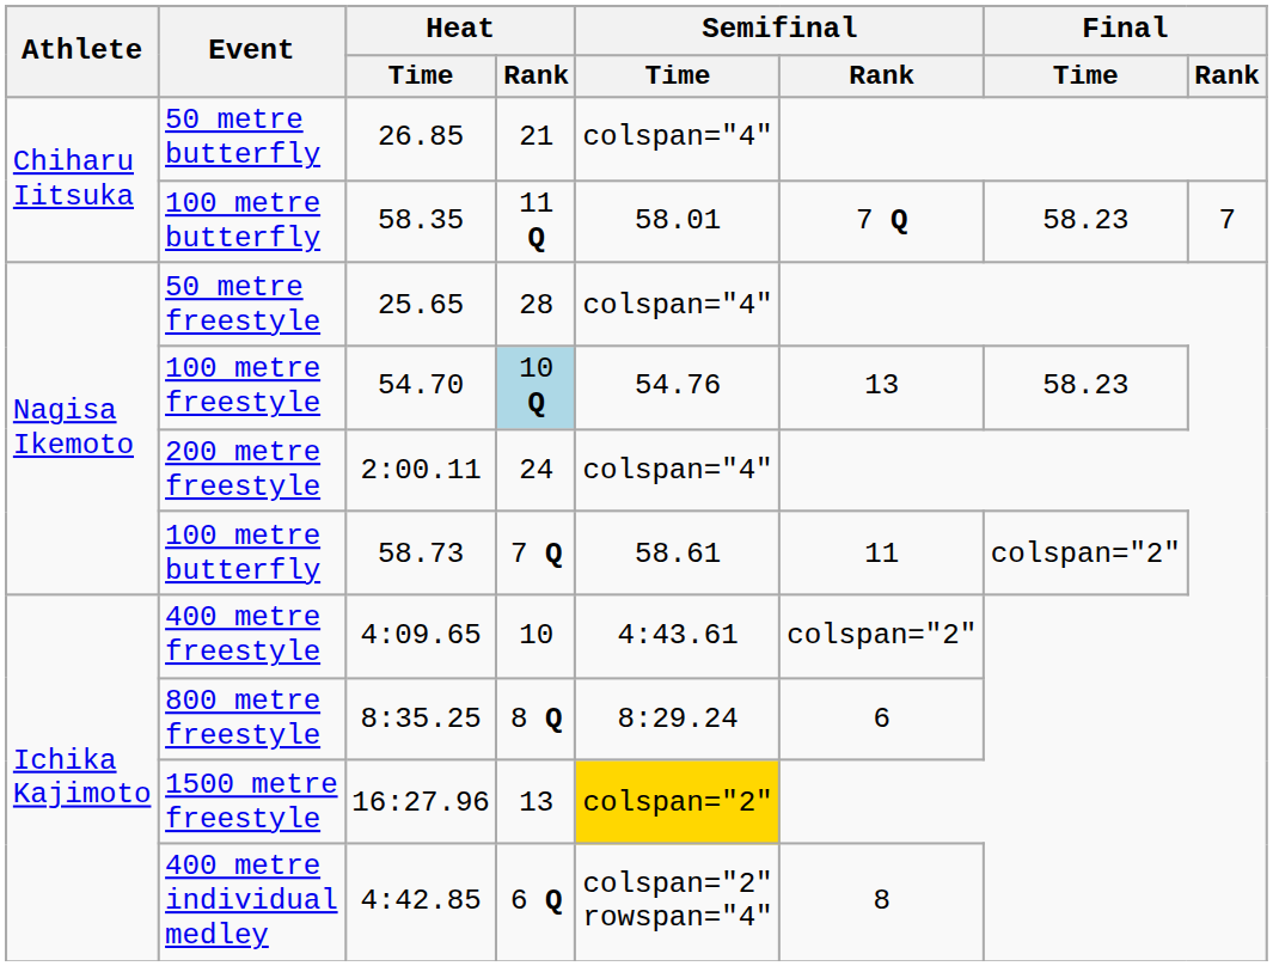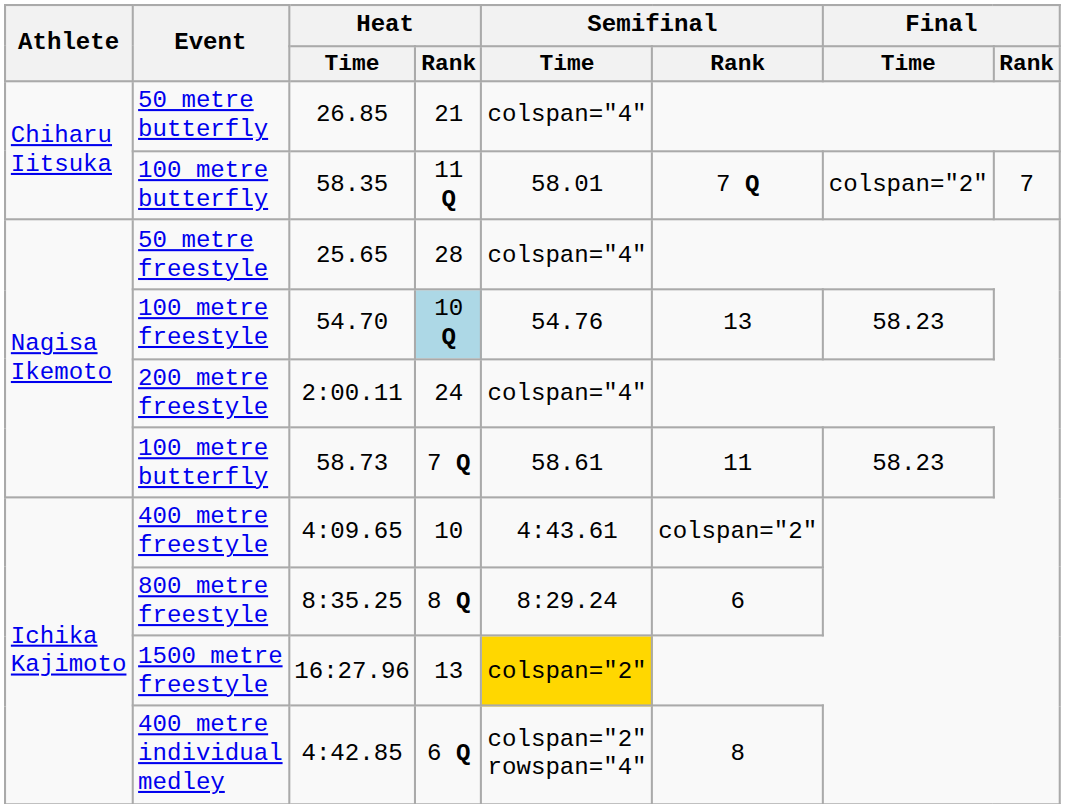 <table class="wikitable" style="text-align:center; font-size:90%; width:50%;">
 <tr>
 <th rowspan="2">Athlete</th>
 <th rowspan="2">Event</th>
 <th colspan="2">Heat</th>
 <th colspan="2">Semifinal</th>
 <th colspan="2">Final</th>
 </tr>
 <tr style="font-size:95%">
 <th>Time</th>
 <th>Rank</th>
 <th>Time</th>
 <th>Rank</th>
 <th>Time</th>
 <th>Rank</th>
 </tr>
 <tr align=center>
 <td align=left rowspan=2><a href='#'>Chiharu Iitsuka</a></td>
 <td align=left><a href='#'>50 metre butterfly</a></td>
 <td>26.85</td>
 <td>21</td>
 <td>colspan="4" </td>
 </tr>
 <tr align=center>
 <td align=left><a href='#'>100 metre butterfly</a></td>
 <td>58.35</td>
 <td>11 <strong>Q</strong></td>
 <td>58.01</td>
 <td>7 <strong>Q</strong></td>
-<td>58.23</td>
+<td>colspan="2" </td>
 <td>7</td>
 </tr>
 <tr align=center>
 <td align=left rowspan="4"><a href='#'>Nagisa Ikemoto</a></td>
 <td align=left><a href='#'>50 metre freestyle</a></td>
 <td>25.65</td>
 <td>28</td>
 <td>colspan="4" </td>
 </tr>
 <tr align=center>
 <td align=left><a href='#'>100 metre freestyle</a></td>
 <td>54.70</td>
 <td style="background: lightblue;">10 <strong>Q</strong></td>
 <td>54.76</td>
 <td>13</td>
 <td>58.23</td>
 </tr>
 <tr align=center>
 <td align=left><a href='#'>200 metre freestyle</a></td>
 <td>2:00.11</td>
 <td>24</td>
 <td>colspan="4" </td>
 </tr>
 <tr align=center>
 <td align=left><a href='#'>100 metre butterfly</a></td>
 <td>58.73</td>
 <td>7 <strong>Q</strong></td>
 <td>58.61</td>
 <td>11</td>
-<td>colspan="2" </td>
+<td>58.23</td>
 </tr>
 <tr align=center>
 <td align=left rowspan="4"><a href='#'>Ichika Kajimoto</a></td>
 <td align=left><a href='#'>400 metre freestyle</a></td>
 <td>4:09.65</td>
 <td>10</td>
 <td>4:43.61</td>
 <td>colspan="2" </td>
 </tr>
 <tr align=center>
 <td align=left><a href='#'>800 metre freestyle</a></td>
 <td>8:35.25</td>
 <td>8 <strong>Q</strong></td>
 <td>8:29.24</td>
 <td>6</td>
 </tr>
 <tr align=center>
 <td align=left><a href='#'>1500 metre freestyle</a></td>
 <td>16:27.96</td>
 <td>13</td>
 <td style="background: gold;">colspan="2" </td>
 </tr>
 <tr align=center>
 <td align=left><a href='#'>400 metre individual medley</a></td>
 <td>4:42.85</td>
 <td>6 <strong>Q</strong></td>
 <td>colspan="2" rowspan="4" </td>
 <td>8</td>
 </tr>
 </table>
